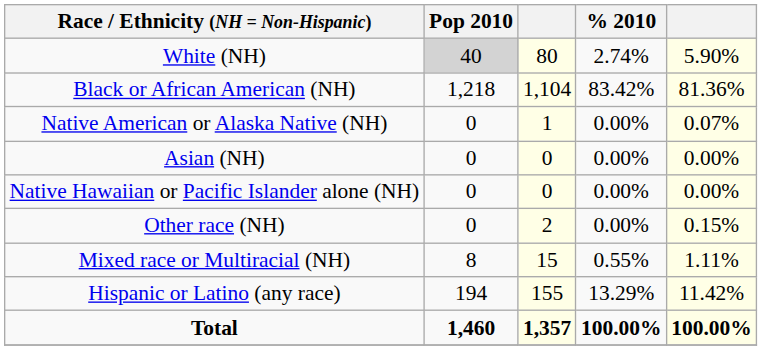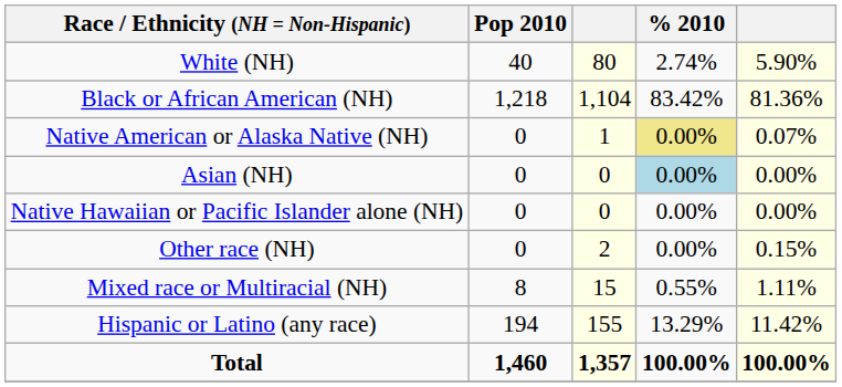 <table class="wikitable" style="text-align:center;">
 <tr>
 <th>Race / Ethnicity <small>(<em>NH = Non-Hispanic</em>)</small></th>
 <th>Pop 2010</th>
 <th></th>
 <th>% 2010</th>
 <th></th>
 </tr>
 <tr>
 <td><a href='#'>White</a> (NH)</td>
-<td style="background: lightgrey;">40</td>
+<td>40</td>
 <td style='background: #ffffe6;'>80</td>
 <td>2.74%</td>
 <td style='background: #ffffe6;'>5.90%</td>
 </tr>
 <tr>
 <td><a href='#'>Black or African American</a> (NH)</td>
 <td>1,218</td>
 <td style='background: #ffffe6;'>1,104</td>
 <td>83.42%</td>
 <td style='background: #ffffe6;'>81.36%</td>
 </tr>
 <tr>
 <td><a href='#'>Native American</a> or <a href='#'>Alaska Native</a> (NH)</td>
 <td>0</td>
 <td style='background: #ffffe6;'>1</td>
-<td>0.00%</td>
+<td style="background: khaki;">0.00%</td>
 <td style='background: #ffffe6;'>0.07%</td>
 </tr>
 <tr>
 <td><a href='#'>Asian</a> (NH)</td>
 <td>0</td>
 <td style='background: #ffffe6;'>0</td>
-<td>0.00%</td>
+<td style="background: lightblue;">0.00%</td>
 <td style='background: #ffffe6;'>0.00%</td>
 </tr>
 <tr>
 <td><a href='#'>Native Hawaiian</a> or <a href='#'>Pacific Islander</a> alone (NH)</td>
 <td>0</td>
 <td style='background: #ffffe6;'>0</td>
 <td>0.00%</td>
 <td style='background: #ffffe6;'>0.00%</td>
 </tr>
 <tr>
 <td><a href='#'>Other race</a> (NH)</td>
 <td>0</td>
 <td style='background: #ffffe6;'>2</td>
 <td>0.00%</td>
 <td style='background: #ffffe6;'>0.15%</td>
 </tr>
 <tr>
 <td><a href='#'>Mixed race or Multiracial</a> (NH)</td>
 <td>8</td>
 <td style='background: #ffffe6;'>15</td>
 <td>0.55%</td>
 <td style='background: #ffffe6;'>1.11%</td>
 </tr>
 <tr>
 <td><a href='#'>Hispanic or Latino</a> (any race)</td>
 <td>194</td>
 <td style='background: #ffffe6;'>155</td>
 <td>13.29%</td>
 <td style='background: #ffffe6;'>11.42%</td>
 </tr>
 <tr>
 <td><strong>Total</strong></td>
 <td><strong>1,460</strong></td>
 <td style='background: #ffffe6;'><strong>1,357</strong></td>
 <td><strong>100.00%</strong></td>
 <td style='background: #ffffe6;'><strong>100.00%</strong></td>
 </tr>
 <tr>
 </tr>
 </table>
